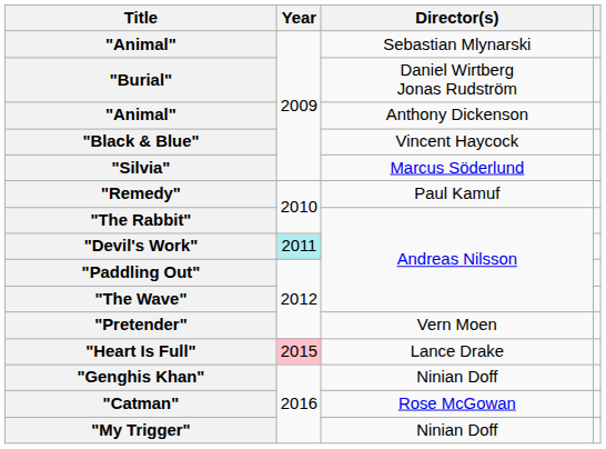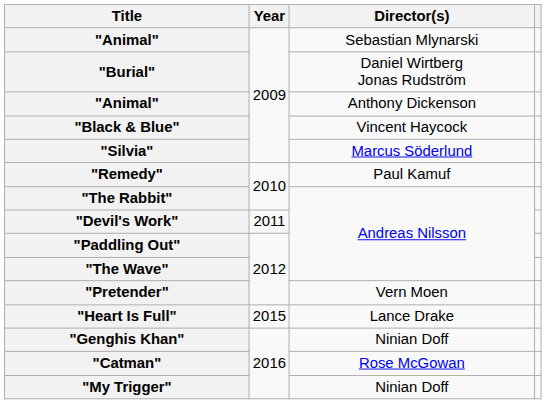 <table class="wikitable plainrowheaders" style="text-align:center;">
 <tr>
 <th scope="col" style="width:16em;">Title</th>
 <th scope="col">Year</th>
 <th scope="col" style="width:16em;">Director(s)</th>
 <th scope="col"></th>
 </tr>
 <tr>
 <th scope="row">"Animal"</th>
 <td rowspan="5">2009</td>
 <td>Sebastian Mlynarski</td>
 <td></td>
 </tr>
 <tr>
 <th scope="row">"Burial"</th>
 <td>Daniel Wirtberg<br>Jonas Rudström</td>
 <td></td>
 </tr>
 <tr>
 <th scope="row">"Animal"</th>
 <td>Anthony Dickenson</td>
 <td></td>
 </tr>
 <tr>
 <th scope="row">"Black & Blue"</th>
 <td>Vincent Haycock</td>
 <td></td>
 </tr>
 <tr>
 <th scope="row">"Silvia"</th>
 <td><a href='#'>Marcus Söderlund</a></td>
 <td></td>
 </tr>
 <tr>
 <th scope="row">"Remedy"<br></th>
 <td rowspan="2">2010</td>
 <td>Paul Kamuf</td>
 <td></td>
 </tr>
 <tr>
 <th scope="row">"The Rabbit"</th>
 <td rowspan="4"><a href='#'>Andreas Nilsson</a></td>
 <td></td>
 </tr>
 <tr>
 <th scope="row">"Devil's Work"</th>
-<td style="background: paleturquoise;">2011</td>
+<td>2011</td>
 <td></td>
 </tr>
 <tr>
 <th scope="row">"Paddling Out"</th>
 <td rowspan="3">2012</td>
 <td></td>
 </tr>
 <tr>
 <th scope="row">"The Wave"</th>
 <td></td>
 </tr>
 <tr>
 <th scope="row">"Pretender"</th>
 <td>Vern Moen</td>
 <td></td>
 </tr>
 <tr>
 <th scope="row">"Heart Is Full"</th>
-<td style="background: pink;">2015</td>
+<td>2015</td>
 <td>Lance Drake</td>
 <td></td>
 </tr>
 <tr>
 <th scope="row">"Genghis Khan"</th>
 <td rowspan="3">2016</td>
 <td>Ninian Doff</td>
 <td></td>
 </tr>
 <tr>
 <th scope="row">"Catman"<br></th>
 <td><a href='#'>Rose McGowan</a></td>
 <td></td>
 </tr>
 <tr>
 <th scope="row">"My Trigger"</th>
 <td>Ninian Doff</td>
 <td></td>
 </tr>
 </table>
